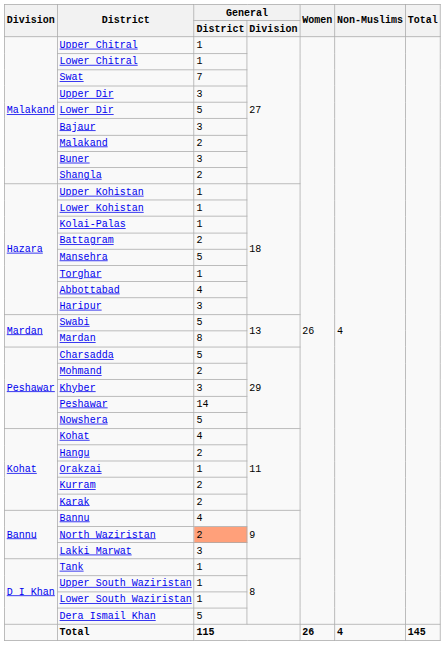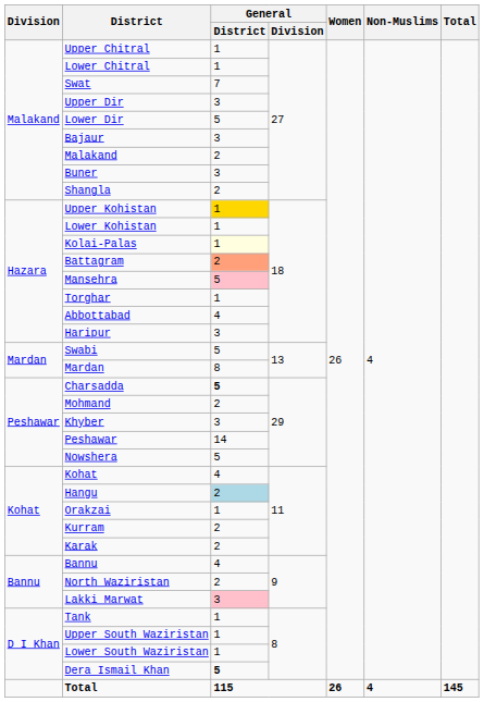 <table class="wikitable">
 <tr>
 <th rowspan="2">Division</th>
 <th rowspan="2">District</th>
 <th colspan="2">General</th>
 <th rowspan="2">Women</th>
 <th rowspan="2">Non-Muslims</th>
 <th rowspan="2"><strong>Total</strong></th>
 </tr>
 <tr>
 <th>District</th>
 <th>Division</th>
 </tr>
 <tr>
 <td rowspan="9"><a href='#'>Malakand</a></td>
 <td><a href='#'>Upper Chitral</a></td>
 <td>1</td>
 <td rowspan="9">27</td>
 <td rowspan="36">26</td>
 <td rowspan="36">4</td>
 <td rowspan="36"></td>
 </tr>
 <tr>
 <td><a href='#'>Lower Chitral</a></td>
 <td>1</td>
 </tr>
 <tr>
 <td><a href='#'>Swat</a></td>
 <td>7</td>
 </tr>
 <tr>
 <td><a href='#'>Upper Dir</a></td>
 <td>3</td>
 </tr>
 <tr>
 <td><a href='#'>Lower Dir</a></td>
 <td>5</td>
 </tr>
 <tr>
 <td><a href='#'>Bajaur</a></td>
 <td>3</td>
 </tr>
 <tr>
 <td><a href='#'>Malakand</a></td>
 <td>2</td>
 </tr>
 <tr>
 <td><a href='#'>Buner</a></td>
 <td>3</td>
 </tr>
 <tr>
 <td><a href='#'>Shangla</a></td>
 <td>2</td>
 </tr>
 <tr>
 <td rowspan="8"><a href='#'>Hazara</a></td>
 <td><a href='#'>Upper Kohistan</a></td>
-<td>1</td>
+<td style="background: gold;">1</td>
 <td rowspan="8">18</td>
 </tr>
 <tr>
 <td><a href='#'>Lower Kohistan</a></td>
 <td>1</td>
 </tr>
 <tr>
 <td><a href='#'>Kolai-Palas</a></td>
-<td>1</td>
+<td style="background: lightyellow;">1</td>
 </tr>
 <tr>
 <td><a href='#'>Battagram</a></td>
-<td>2</td>
+<td style="background: lightsalmon;">2</td>
 </tr>
 <tr>
 <td><a href='#'>Mansehra</a></td>
-<td>5</td>
+<td style="background: pink;">5</td>
 </tr>
 <tr>
 <td><a href='#'>Torghar</a></td>
 <td>1</td>
 </tr>
 <tr>
 <td><a href='#'>Abbottabad</a></td>
 <td>4</td>
 </tr>
 <tr>
 <td><a href='#'>Haripur</a></td>
 <td>3</td>
 </tr>
 <tr>
 <td rowspan="2"><a href='#'>Mardan</a></td>
 <td><a href='#'>Swabi</a></td>
 <td>5</td>
 <td rowspan="2">13</td>
 </tr>
 <tr>
 <td><a href='#'>Mardan</a></td>
 <td>8</td>
 </tr>
 <tr>
 <td rowspan="5"><a href='#'>Peshawar</a></td>
 <td><a href='#'>Charsadda</a></td>
-<td>5</td>
+<td><strong>5</strong></td>
 <td rowspan="5">29</td>
 </tr>
 <tr>
 <td><a href='#'>Mohmand</a></td>
 <td>2</td>
 </tr>
 <tr>
 <td><a href='#'>Khyber</a></td>
 <td>3</td>
 </tr>
 <tr>
 <td><a href='#'>Peshawar</a></td>
 <td>14</td>
 </tr>
 <tr>
 <td><a href='#'>Nowshera</a></td>
 <td>5</td>
 </tr>
 <tr>
 <td rowspan="5"><a href='#'>Kohat</a></td>
 <td><a href='#'>Kohat</a></td>
 <td>4</td>
 <td rowspan="5">11</td>
 </tr>
 <tr>
 <td><a href='#'>Hangu</a></td>
-<td>2</td>
+<td style="background: lightblue;">2</td>
 </tr>
 <tr>
 <td><a href='#'>Orakzai</a></td>
 <td>1</td>
 </tr>
 <tr>
 <td><a href='#'>Kurram</a></td>
 <td>2</td>
 </tr>
 <tr>
 <td><a href='#'>Karak</a></td>
 <td>2</td>
 </tr>
 <tr>
 <td rowspan="3"><a href='#'>Bannu</a></td>
 <td><a href='#'>Bannu</a></td>
 <td>4</td>
 <td rowspan="3">9</td>
 </tr>
 <tr>
 <td><a href='#'>North Waziristan</a></td>
-<td style="background: lightsalmon;">2</td>
+<td>2</td>
 </tr>
 <tr>
 <td><a href='#'>Lakki Marwat</a></td>
-<td>3</td>
+<td style="background: pink;">3</td>
 </tr>
 <tr>
 <td rowspan="4"><a href='#'>D I Khan</a></td>
 <td><a href='#'>Tank</a></td>
 <td>1</td>
 <td rowspan="4">8</td>
 </tr>
 <tr>
 <td><a href='#'>Upper South Waziristan</a></td>
 <td>1</td>
 </tr>
 <tr>
 <td><a href='#'>Lower South Waziristan</a></td>
 <td>1</td>
 </tr>
 <tr>
 <td><a href='#'>Dera Ismail Khan</a></td>
-<td>5</td>
+<td><strong>5</strong></td>
 </tr>
 <tr>
 <td></td>
 <td><strong>Total</strong></td>
 <td colspan="2"><strong>115</strong></td>
 <td><strong>26</strong></td>
 <td><strong>4</strong></td>
 <td><strong>145</strong></td>
 </tr>
 </table>
